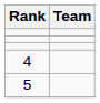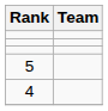 <table class="wikitable" style="text-align:center;">
 <tr>
 <th width=40>Rank</th>
 <th>Team</th>
 </tr>
 <tr>
 <td></td>
 <td style="text-align:left;"></td>
 </tr>
 <tr>
 <td></td>
 <td style="text-align:left;"></td>
 </tr>
 <tr>
 <td></td>
 <td style="text-align:left;"></td>
 </tr>
 <tr>
-<td>4</td>
+<td>5</td>
 <td style="text-align:left;"></td>
 </tr>
 <tr>
-<td>5</td>
+<td>4</td>
 <td style="text-align:left;"></td>
 </tr>
 <tr>
 </tr>
 </table>
